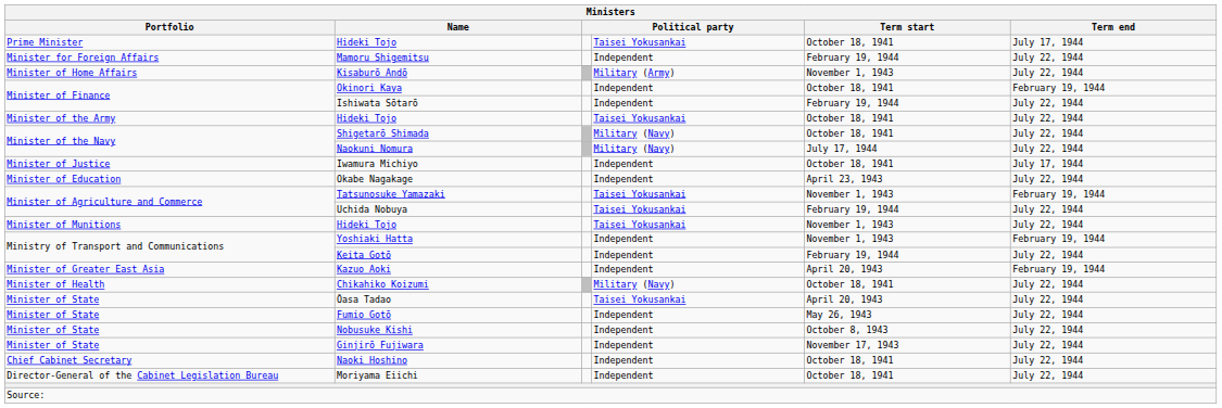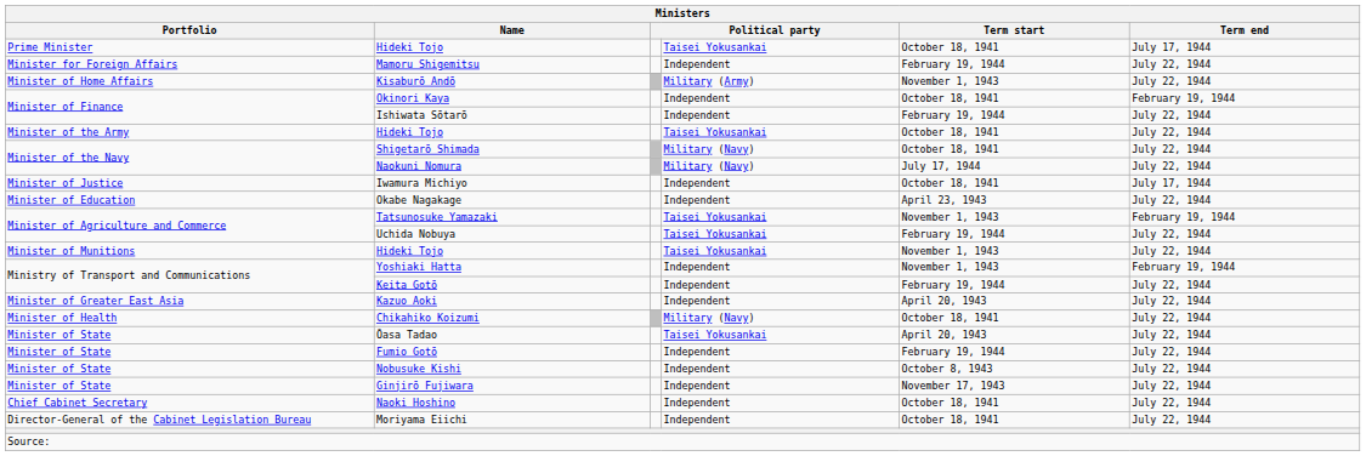 <table class="wikitable unsortable" style="font-size: 90%;">
 <tr>
 <th colspan="6">Ministers</th>
 </tr>
 <tr>
 <th scope="col" width="20%">Portfolio</th>
 <th scope="col" width="15%">Name</th>
 <th colspan="2" scope="col" width="13.5%">Political party</th>
 <th scope="col" width="12.5%">Term start</th>
 <th scope="col" width="12.5%">Term end</th>
 </tr>
 <tr>
 <td style="text-align: left;"><a href='#'>Prime Minister</a></td>
 <td><a href='#'>Hideki Tojo</a></td>
 <td style="color:inherit;background:"></td>
 <td><a href='#'>Taisei Yokusankai</a></td>
 <td>October 18, 1941</td>
 <td>July 17, 1944</td>
 </tr>
 <tr>
 <td><a href='#'>Minister for Foreign Affairs</a></td>
 <td><a href='#'>Mamoru Shigemitsu</a></td>
 <td style="color:inherit;background:"></td>
 <td>Independent</td>
 <td>February 19, 1944</td>
 <td>July 22, 1944</td>
 </tr>
 <tr>
 <td><a href='#'>Minister of Home Affairs</a></td>
 <td><a href='#'>Kisaburō Andō</a></td>
 <td style="color:inherit;background:#bfbfbf"></td>
 <td><a href='#'>Military</a> (<a href='#'>Army</a>)</td>
 <td>November 1, 1943</td>
 <td>July 22, 1944</td>
 </tr>
 <tr>
 <td rowspan="2"><a href='#'>Minister of Finance</a></td>
 <td><a href='#'>Okinori Kaya</a></td>
 <td style="color:inherit;background:"></td>
 <td>Independent</td>
 <td>October 18, 1941</td>
 <td>February 19, 1944</td>
 </tr>
 <tr>
 <td>Ishiwata Sōtarō</td>
 <td style="color:inherit;background:"></td>
 <td>Independent</td>
 <td>February 19, 1944</td>
 <td>July 22, 1944</td>
 </tr>
 <tr>
 <td><a href='#'>Minister of the Army</a></td>
 <td><a href='#'>Hideki Tojo</a></td>
 <td style="color:inherit;background:"></td>
 <td><a href='#'>Taisei Yokusankai</a></td>
 <td>October 18, 1941</td>
 <td>July 22, 1944</td>
 </tr>
 <tr>
 <td rowspan="2"><a href='#'>Minister of the Navy</a></td>
 <td><a href='#'>Shigetarō Shimada</a></td>
 <td style="color:inherit;background:#bfbfbf"></td>
 <td><a href='#'>Military</a> (<a href='#'>Navy</a>)</td>
 <td>October 18, 1941</td>
 <td>July 22, 1944</td>
 </tr>
 <tr>
 <td><a href='#'>Naokuni Nomura</a></td>
 <td style="color:inherit;background:#bfbfbf"></td>
 <td><a href='#'>Military</a> (<a href='#'>Navy</a>)</td>
 <td>July 17, 1944</td>
 <td>July 22, 1944</td>
 </tr>
 <tr>
 <td><a href='#'>Minister of Justice</a></td>
 <td>Iwamura Michiyo</td>
 <td style="color:inherit;background:"></td>
 <td>Independent</td>
 <td>October 18, 1941</td>
 <td>July 17, 1944</td>
 </tr>
 <tr>
 <td><a href='#'>Minister of Education</a></td>
 <td>Okabe Nagakage</td>
 <td style="color:inherit;background:"></td>
 <td>Independent</td>
 <td>April 23, 1943</td>
 <td>July 22, 1944</td>
 </tr>
 <tr>
 <td rowspan="2"><a href='#'>Minister of Agriculture and Commerce</a></td>
 <td><a href='#'>Tatsunosuke Yamazaki</a></td>
 <td style="color:inherit;background:"></td>
 <td><a href='#'>Taisei Yokusankai</a></td>
 <td>November 1, 1943</td>
 <td>February 19, 1944</td>
 </tr>
 <tr>
 <td>Uchida Nobuya</td>
 <td style="color:inherit;background:"></td>
 <td><a href='#'>Taisei Yokusankai</a></td>
 <td>February 19, 1944</td>
 <td>July 22, 1944</td>
 </tr>
 <tr>
 <td><a href='#'>Minister of Munitions</a></td>
 <td><a href='#'>Hideki Tojo</a></td>
 <td style="color:inherit;background:"></td>
 <td><a href='#'>Taisei Yokusankai</a></td>
 <td>November 1, 1943</td>
 <td>July 22, 1944</td>
 </tr>
 <tr>
 <td rowspan="2">Ministry of Transport and Communications</td>
 <td><a href='#'>Yoshiaki Hatta</a></td>
 <td style="color:inherit;background:"></td>
 <td>Independent</td>
 <td>November 1, 1943</td>
 <td>February 19, 1944</td>
 </tr>
 <tr>
 <td><a href='#'>Keita Gotō</a></td>
 <td style="color:inherit;background:"></td>
 <td>Independent</td>
 <td>February 19, 1944</td>
 <td>July 22, 1944</td>
 </tr>
 <tr>
 <td><a href='#'>Minister of Greater East Asia</a></td>
 <td><a href='#'>Kazuo Aoki</a></td>
 <td style="color:inherit;background:"></td>
 <td>Independent</td>
 <td>April 20, 1943</td>
-<td>February 19, 1944</td>
+<td>July 22, 1944</td>
 </tr>
 <tr>
 <td><a href='#'>Minister of Health</a></td>
 <td><a href='#'>Chikahiko Koizumi</a></td>
 <td style="color:inherit;background:#bfbfbf"></td>
 <td><a href='#'>Military</a> (<a href='#'>Navy</a>)</td>
 <td>October 18, 1941</td>
 <td>July 22, 1944</td>
 </tr>
 <tr>
 <td><a href='#'>Minister of State</a></td>
 <td>Ōasa Tadao</td>
 <td style="color:inherit;background:"></td>
 <td><a href='#'>Taisei Yokusankai</a></td>
 <td>April 20, 1943</td>
 <td>July 22, 1944</td>
 </tr>
 <tr>
 <td><a href='#'>Minister of State</a></td>
 <td><a href='#'>Fumio Gotō</a></td>
 <td style="color:inherit;background:"></td>
 <td>Independent</td>
-<td>May 26, 1943</td>
+<td>February 19, 1944</td>
 <td>July 22, 1944</td>
 </tr>
 <tr>
 <td><a href='#'>Minister of State</a></td>
 <td><a href='#'>Nobusuke Kishi</a></td>
 <td style="color:inherit;background:"></td>
 <td>Independent</td>
 <td>October 8, 1943</td>
 <td>July 22, 1944</td>
 </tr>
 <tr>
 <td><a href='#'>Minister of State</a></td>
 <td><a href='#'>Ginjirō Fujiwara</a></td>
 <td style="color:inherit;background:"></td>
 <td>Independent</td>
 <td>November 17, 1943</td>
 <td>July 22, 1944</td>
 </tr>
 <tr>
 <td><a href='#'>Chief Cabinet Secretary</a></td>
 <td><a href='#'>Naoki Hoshino</a></td>
 <td style="color:inherit;background:"></td>
 <td>Independent</td>
 <td>October 18, 1941</td>
 <td>July 22, 1944</td>
 </tr>
 <tr>
 <td>Director-General of the <a href='#'>Cabinet Legislation Bureau</a></td>
 <td>Moriyama Eiichi</td>
 <td style="color:inherit;background:"></td>
 <td>Independent</td>
 <td>October 18, 1941</td>
 <td>July 22, 1944</td>
 </tr>
 <tr>
 <th colspan="6"></th>
 </tr>
 <tr>
 <td colspan="6">Source:</td>
 </tr>
 </table>
